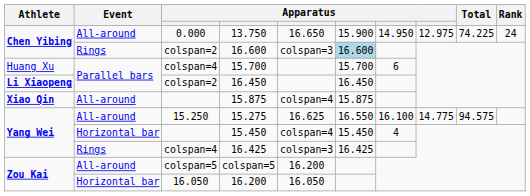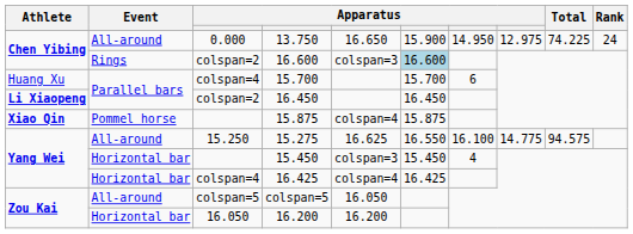 <table class="wikitable" style="font-size:90%">
 <tr>
 <th rowspan=2>Athlete</th>
 <th rowspan=2>Event</th>
 <th colspan =6>Apparatus</th>
 <th rowspan=2>Total</th>
 <th rowspan=2>Rank</th>
 </tr>
 <tr style="font-size:95%">
 <th></th>
 <th></th>
 <th></th>
 <th></th>
 <th></th>
 <th></th>
 </tr>
 <tr align=center>
 <td align=left rowspan=2><strong><a href='#'>Chen Yibing</a></strong></td>
 <td align=left><a href='#'>All-around</a></td>
 <td>0.000</td>
 <td>13.750</td>
 <td>16.650</td>
 <td>15.900</td>
 <td>14.950</td>
 <td>12.975</td>
 <td>74.225</td>
 <td>24</td>
 </tr>
 <tr align=center>
 <td align=left><a href='#'>Rings</a></td>
 <td>colspan=2 </td>
 <td>16.600</td>
 <td>colspan=3 </td>
 <td style="background: lightblue;">16.600</td>
 <td></td>
 </tr>
 <tr align=center>
 <td align=left><a href='#'>Huang Xu</a></td>
 <td align=left rowspan=2><a href='#'>Parallel bars</a></td>
 <td>colspan=4 </td>
 <td>15.700</td>
 <td></td>
 <td>15.700</td>
 <td>6</td>
 </tr>
 <tr align=center>
 <td align=left><strong><a href='#'>Li Xiaopeng</a></strong></td>
 <td>colspan=2 </td>
 <td>16.450</td>
 <td></td>
 <td>16.450</td>
 <td></td>
 </tr>
 <tr align=center>
 <td align=left><strong><a href='#'>Xiao Qin</a></strong></td>
-<td align=left><a href='#'>All-around</a></td>
+<td align=left><a href='#'>Pommel horse</a></td>
 <td></td>
 <td>15.875</td>
 <td>colspan=4 </td>
 <td>15.875</td>
 <td></td>
 </tr>
 <tr align=center>
 <td align=left rowspan=3><strong><a href='#'>Yang Wei</a></strong></td>
 <td align=left><a href='#'>All-around</a></td>
 <td>15.250</td>
 <td>15.275</td>
 <td>16.625</td>
 <td>16.550</td>
 <td>16.100</td>
 <td>14.775</td>
 <td>94.575</td>
 <td></td>
 </tr>
 <tr align=center>
 <td align=left><a href='#'>Horizontal bar</a></td>
 <td></td>
 <td>15.450</td>
-<td>colspan=4 </td>
+<td>colspan=3 </td>
 <td>15.450</td>
 <td>4</td>
 </tr>
 <tr align=center>
-<td align=left><a href='#'>Rings</a></td>
+<td align=left><a href='#'>Horizontal bar</a></td>
 <td>colspan=4 </td>
 <td>16.425</td>
-<td>colspan=3 </td>
+<td>colspan=4 </td>
 <td>16.425</td>
 <td></td>
 </tr>
 <tr align=center>
 <td align=left rowspan=2><strong><a href='#'>Zou Kai</a></strong></td>
 <td align=left><a href='#'>All-around</a></td>
 <td>colspan=5 </td>
 <td>colspan=5 </td>
-<td>16.200</td>
+<td>16.050</td>
 <td></td>
 </tr>
 <tr align=center>
 <td align=left><a href='#'>Horizontal bar</a></td>
 <td>16.050</td>
 <td>16.200</td>
-<td>16.050</td>
+<td>16.200</td>
 <td></td>
 </tr>
 </table>
